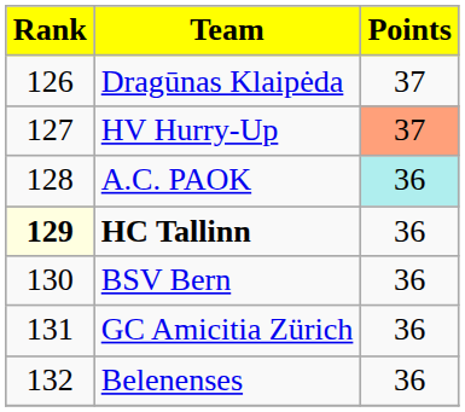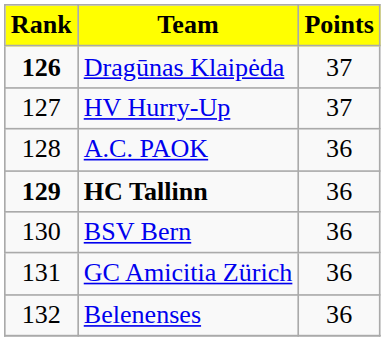 <table class="wikitable" style="text-align: center">
 <tr>
 <th style="color:#000000; background:yellow">Rank</th>
 <th style="color:#000000; background:yellow">Team</th>
 <th style="color:#000000; background:yellow">Points</th>
 </tr>
 <tr>
-<td>126</td>
+<td><strong>126</strong></td>
 <td align=left> <a href='#'>Dragūnas Klaipėda</a></td>
 <td>37</td>
 </tr>
 <tr>
 <td>127</td>
 <td align=left> <a href='#'>HV Hurry-Up</a></td>
-<td style="background: lightsalmon;">37</td>
+<td>37</td>
 </tr>
 <tr>
 <td>128</td>
 <td align=left> <a href='#'>A.C. PAOK</a></td>
-<td style="background: paleturquoise;">36</td>
+<td>36</td>
 </tr>
 <tr>
-<td style="background: lightyellow;"><strong>129</strong></td>
+<td><strong>129</strong></td>
 <td align=left> <strong>HC Tallinn</strong></td>
 <td>36</td>
 </tr>
 <tr>
 <td>130</td>
 <td align=left> <a href='#'>BSV Bern</a></td>
 <td>36</td>
 </tr>
 <tr>
 <td>131</td>
 <td align=left> <a href='#'>GC Amicitia Zürich</a></td>
 <td>36</td>
 </tr>
 <tr>
 <td>132</td>
 <td align=left> <a href='#'>Belenenses</a></td>
 <td>36</td>
 </tr>
 <tr>
 </tr>
 </table>
